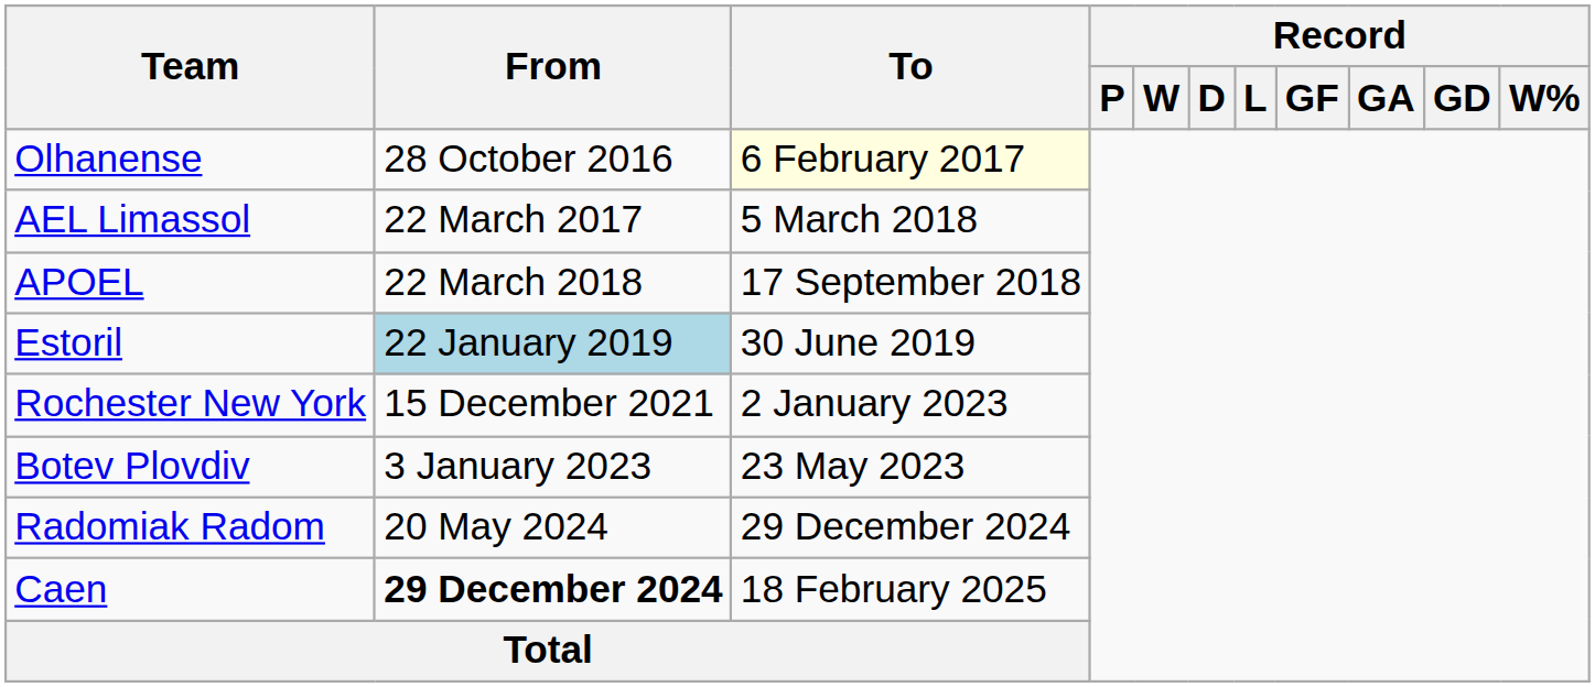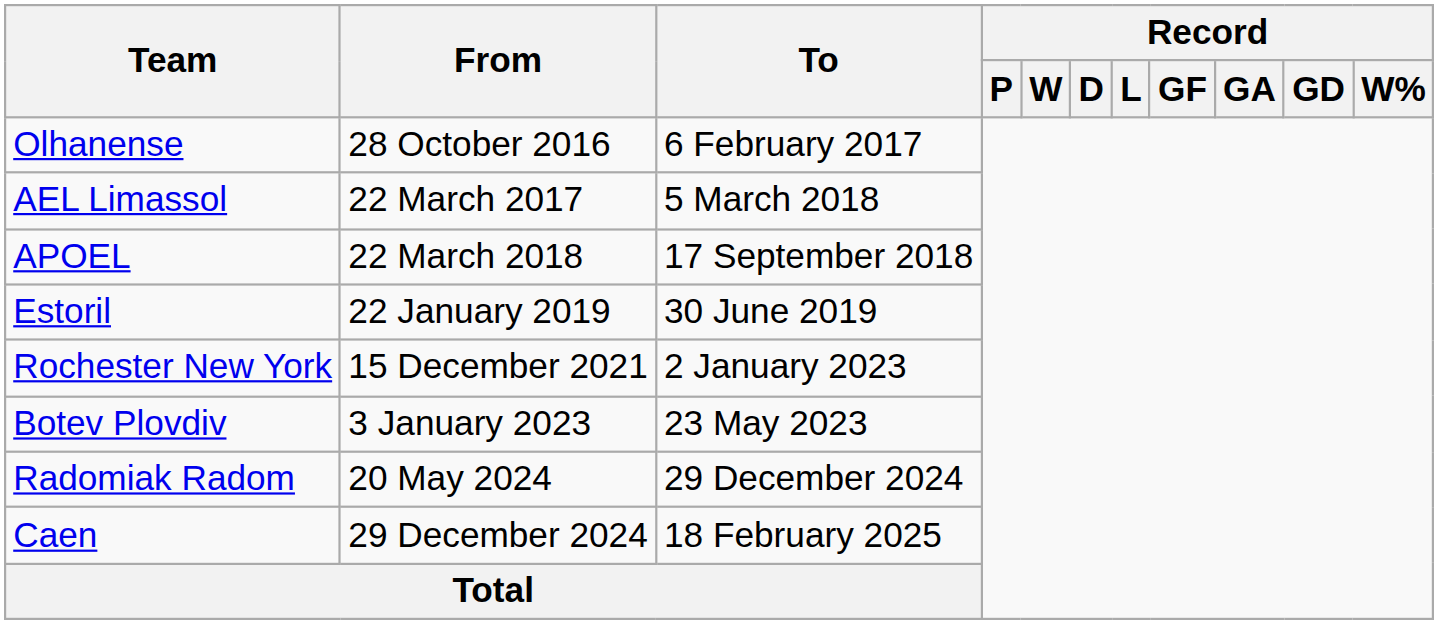 <table class="wikitable" style="text-align: center;">
 <tr>
 <th rowspan="2">Team</th>
 <th rowspan="2">From</th>
 <th rowspan="2">To</th>
 <th colspan="8">Record</th>
 </tr>
 <tr>
 <th>P</th>
 <th>W</th>
 <th>D</th>
 <th>L</th>
 <th>GF</th>
 <th>GA</th>
 <th>GD</th>
 <th>W%</th>
 </tr>
 <tr>
 <td align=left><a href='#'>Olhanense</a></td>
 <td align=left>28 October 2016</td>
-<td align=left style="background: lightyellow;">6 February 2017<br></td>
+<td align=left>6 February 2017<br></td>
 </tr>
 <tr>
 <td align=left><a href='#'>AEL Limassol</a></td>
 <td align=left>22 March 2017</td>
 <td align=left>5 March 2018<br></td>
 </tr>
 <tr>
 <td align=left><a href='#'>APOEL</a></td>
 <td align=left>22 March 2018</td>
 <td align=left>17 September 2018<br></td>
 </tr>
 <tr>
 <td align=left><a href='#'>Estoril</a></td>
-<td align=left style="background: lightblue;">22 January 2019</td>
+<td align=left>22 January 2019</td>
 <td align=left>30 June 2019<br></td>
 </tr>
 <tr>
 <td align=left><a href='#'>Rochester New York</a></td>
 <td align=left>15 December 2021</td>
 <td align=left>2 January 2023<br></td>
 </tr>
 <tr>
 <td align=left><a href='#'>Botev Plovdiv</a></td>
 <td align=left>3 January 2023</td>
 <td align=left>23 May 2023<br></td>
 </tr>
 <tr>
 <td align=left><a href='#'>Radomiak Radom</a></td>
 <td align=left>20 May 2024</td>
 <td align=left>29 December 2024<br></td>
 </tr>
 <tr>
 <td align=left><a href='#'>Caen</a></td>
-<td align=left><strong>29 December 2024</strong></td>
+<td align=left>29 December 2024</td>
 <td align=left>18 February 2025<br></td>
 </tr>
 <tr>
 <th colspan="3">Total<br></th>
 </tr>
 </table>
